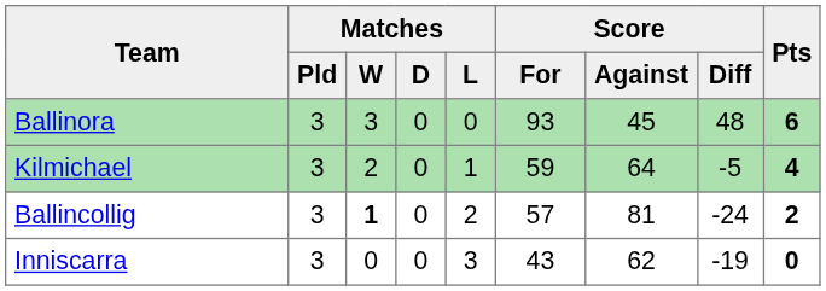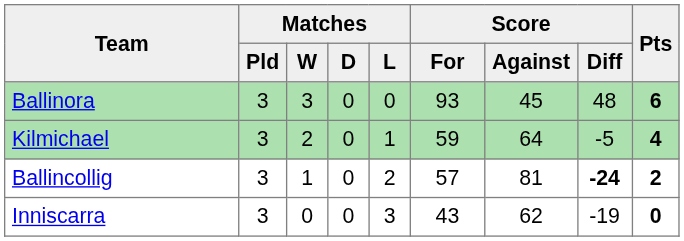 <table style=border-collapse:collapse border=1 cellspacing=0 cellpadding=5>
 <tr align=center bgcolor=#efefef>
 <th rowspan=2 width=165>Team</th>
 <th colspan=4>Matches</th>
 <th colspan=3>Score</th>
 <th rowspan=2width=20>Pts</th>
 </tr>
 <tr align=center bgcolor=#efefef>
 <th width=20>Pld</th>
 <th width=20>W</th>
 <th width=20>D</th>
 <th width=20>L</th>
 <th width=45>For</th>
 <th width=45>Against</th>
 <th width=30>Diff</th>
 </tr>
 <tr align=center style="background:#ACE1AF;">
 <td style="text-align:left;"><a href='#'>Ballinora</a></td>
 <td>3</td>
 <td>3</td>
 <td>0</td>
 <td>0</td>
 <td>93</td>
 <td>45</td>
 <td>48</td>
 <td><strong>6</strong></td>
 </tr>
 <tr align=center style="background:#ACE1AF;">
 <td style="text-align:left;"><a href='#'>Kilmichael</a></td>
 <td>3</td>
 <td>2</td>
 <td>0</td>
 <td>1</td>
 <td>59</td>
 <td>64</td>
 <td>-5</td>
 <td><strong>4</strong></td>
 </tr>
 <tr align=center>
 <td style="text-align:left;"><a href='#'>Ballincollig</a></td>
 <td>3</td>
-<td><strong>1</strong></td>
+<td>1</td>
 <td>0</td>
 <td>2</td>
 <td>57</td>
 <td>81</td>
-<td>-24</td>
+<td><strong>-24</strong></td>
 <td><strong>2</strong></td>
 </tr>
 <tr align=center>
 <td style="text-align:left;"><a href='#'>Inniscarra</a></td>
 <td>3</td>
 <td>0</td>
 <td>0</td>
 <td>3</td>
 <td>43</td>
 <td>62</td>
 <td>-19</td>
 <td><strong>0</strong></td>
 </tr>
 </table>
